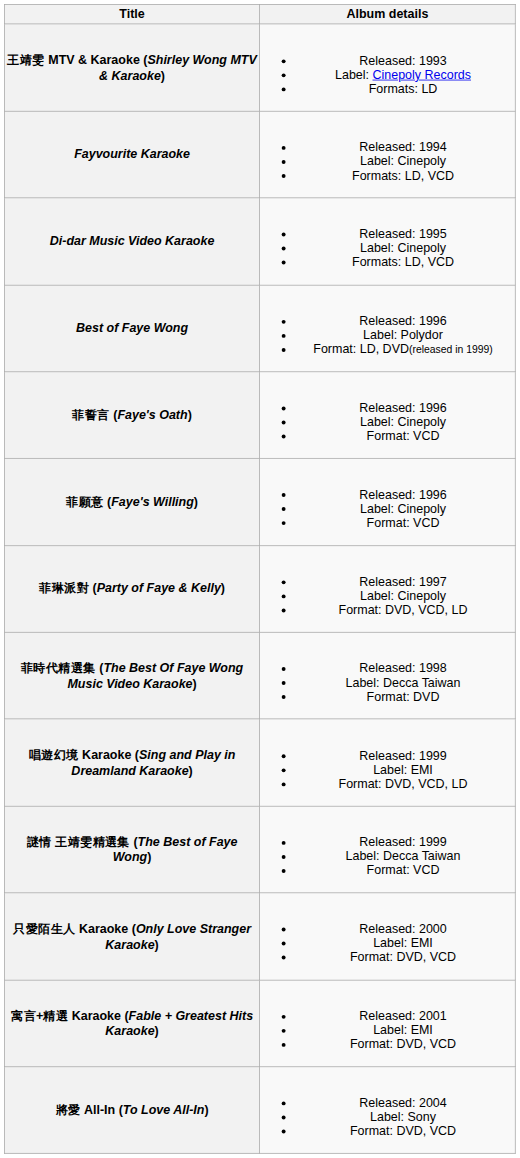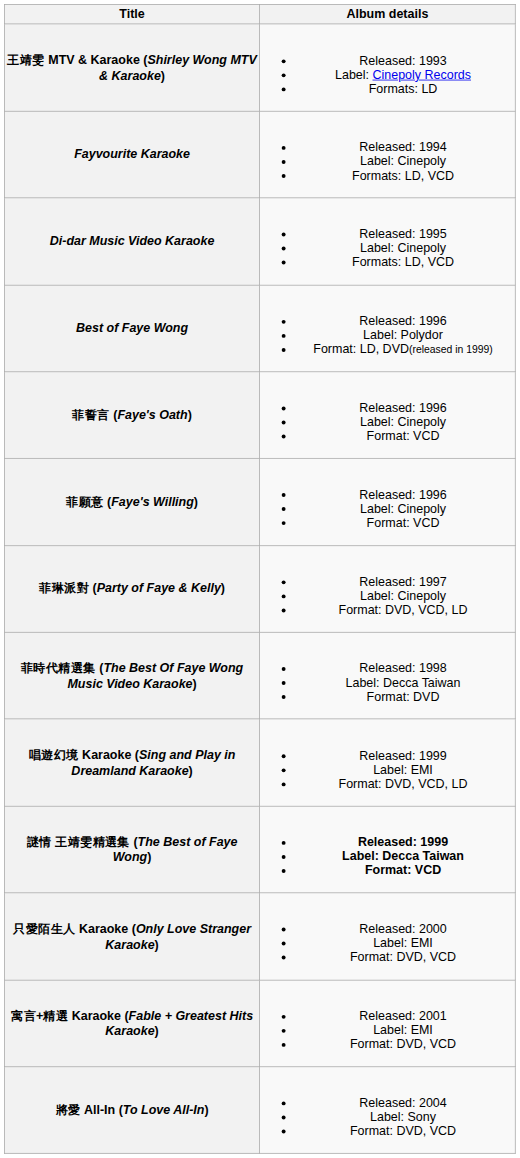 <table class="wikitable plainrowheaders" style="text-align:center;">
 <tr>
 <th scope="col" style="width:20em;">Title</th>
 <th scope="col" style="width:20em;">Album details</th>
 </tr>
 <tr>
 <th scope="row">王靖雯 MTV & Karaoke (<em>Shirley Wong MTV & Karaoke</em>)</th>
 <td><br><ul><li>Released: 1993</li><li>Label: <a href='#'>Cinepoly Records</a></li><li>Formats: LD</li></ul></td>
 </tr>
 <tr>
 <th scope="row"><em>Fayvourite Karaoke</em></th>
 <td><br><ul><li>Released: 1994</li><li>Label: Cinepoly</li><li>Formats: LD, VCD</li></ul></td>
 </tr>
 <tr>
 <th scope="row"><em>Di-dar Music Video Karaoke</em></th>
 <td><br><ul><li>Released: 1995</li><li>Label: Cinepoly</li><li>Formats: LD, VCD</li></ul></td>
 </tr>
 <tr>
 <th scope="row"><em>Best of Faye Wong</em></th>
 <td><br><ul><li>Released: 1996</li><li>Label: Polydor</li><li>Format: LD, DVD<small>(released in 1999)</small></li></ul></td>
 </tr>
 <tr>
 <th scope="row">菲誓言 (<em>Faye's Oath</em>)</th>
 <td><br><ul><li>Released: 1996</li><li>Label: Cinepoly</li><li>Format: VCD</li></ul></td>
 </tr>
 <tr>
 <th scope="row">菲願意 (<em>Faye's Willing</em>)</th>
 <td><br><ul><li>Released: 1996</li><li>Label: Cinepoly</li><li>Format: VCD</li></ul></td>
 </tr>
 <tr>
 <th scope="row">菲琳派對 (<em>Party of Faye & Kelly</em>)</th>
 <td><br><ul><li>Released: 1997</li><li>Label: Cinepoly</li><li>Format: DVD, VCD, LD</li></ul></td>
 </tr>
 <tr>
 <th scope="row">菲時代精選集 (<em>The Best Of Faye Wong Music Video Karaoke</em>)</th>
 <td><br><ul><li>Released: 1998</li><li>Label: Decca Taiwan</li><li>Format: DVD</li></ul></td>
 </tr>
 <tr>
 <th scope="row">唱遊幻境 Karaoke (<em>Sing and Play in Dreamland Karaoke</em>)</th>
 <td><br><ul><li>Released: 1999</li><li>Label: EMI</li><li>Format: DVD, VCD, LD</li></ul></td>
 </tr>
 <tr>
 <th scope="row">謎情 王靖雯精選集 (<em>The Best of Faye Wong</em>)</th>
-<td><br><ul><li>Released: 1999</li><li>Label: Decca Taiwan</li><li>Format: VCD</li></ul></td>
+<td><strong><br><ul><li>Released: 1999</li><li>Label: Decca Taiwan</li><li>Format: VCD</li></ul></strong></td>
 </tr>
 <tr>
 <th scope="row">只愛陌生人 Karaoke (<em>Only Love Stranger Karaoke</em>)</th>
 <td><br><ul><li>Released: 2000</li><li>Label: EMI</li><li>Format: DVD, VCD</li></ul></td>
 </tr>
 <tr>
 <th scope="row">寓言+精選 Karaoke (<em>Fable + Greatest Hits Karaoke</em>)</th>
 <td><br><ul><li>Released: 2001</li><li>Label: EMI</li><li>Format: DVD, VCD</li></ul></td>
 </tr>
 <tr>
 <th scope="row">將愛 All-In (<em>To Love All-In</em>)</th>
 <td><br><ul><li>Released: 2004</li><li>Label: Sony</li><li>Format: DVD, VCD</li></ul></td>
 </tr>
 </table>
